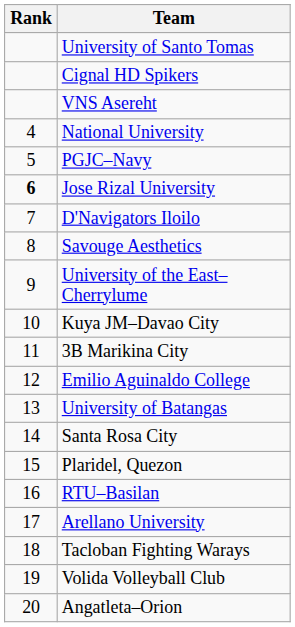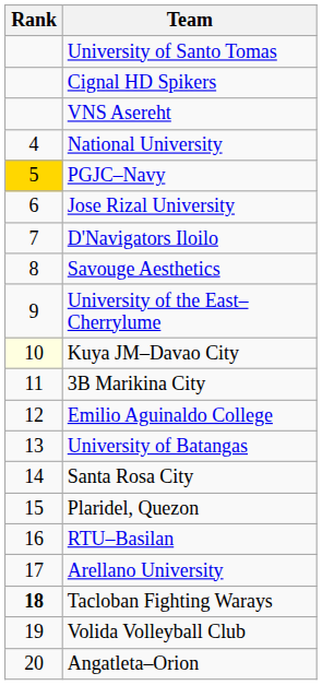 <table class="wikitable" style="text-align:center;">
 <tr>
 <th width=40>Rank</th>
 <th width=200>Team</th>
 </tr>
 <tr>
 <td></td>
 <td style="text-align:left;"><a href='#'>University of Santo Tomas</a></td>
 </tr>
 <tr>
 <td></td>
 <td style="text-align:left;"><a href='#'>Cignal HD Spikers</a></td>
 </tr>
 <tr>
 <td></td>
 <td style="text-align:left;"><a href='#'>VNS Asereht</a></td>
 </tr>
 <tr>
 <td>4</td>
 <td style="text-align:left;"><a href='#'>National University</a></td>
 </tr>
 <tr>
-<td>5</td>
+<td style="background: gold;">5</td>
 <td style="text-align:left;"><a href='#'>PGJC–Navy</a></td>
 </tr>
 <tr>
-<td><strong>6</strong></td>
+<td>6</td>
 <td style="text-align:left;"><a href='#'>Jose Rizal University</a></td>
 </tr>
 <tr>
 <td>7</td>
 <td style="text-align:left;"><a href='#'>D'Navigators Iloilo</a></td>
 </tr>
 <tr>
 <td>8</td>
 <td style="text-align:left;"><a href='#'>Savouge Aesthetics</a></td>
 </tr>
 <tr>
 <td>9</td>
 <td style="text-align:left;"><a href='#'>University of the East–Cherrylume</a></td>
 </tr>
 <tr>
-<td>10</td>
+<td style="background: lightyellow;">10</td>
 <td style="text-align:left;">Kuya JM–Davao City</td>
 </tr>
 <tr>
 <td>11</td>
 <td style="text-align:left;">3B Marikina City</td>
 </tr>
 <tr>
 <td>12</td>
 <td style="text-align:left;"><a href='#'>Emilio Aguinaldo College</a></td>
 </tr>
 <tr>
 <td>13</td>
 <td style="text-align:left;"><a href='#'>University of Batangas</a></td>
 </tr>
 <tr>
 <td>14</td>
 <td style="text-align:left;">Santa Rosa City</td>
 </tr>
 <tr>
 <td>15</td>
 <td style="text-align:left;">Plaridel, Quezon</td>
 </tr>
 <tr>
 <td>16</td>
 <td style="text-align:left;"><a href='#'>RTU–Basilan</a></td>
 </tr>
 <tr>
 <td>17</td>
 <td style="text-align:left;"><a href='#'>Arellano University</a></td>
 </tr>
 <tr>
-<td>18</td>
+<td><strong>18</strong></td>
 <td style="text-align:left;">Tacloban Fighting Warays</td>
 </tr>
 <tr>
 <td>19</td>
 <td style="text-align:left;">Volida Volleyball Club</td>
 </tr>
 <tr>
 <td>20</td>
 <td style="text-align:left;">Angatleta–Orion</td>
 </tr>
 </table>
